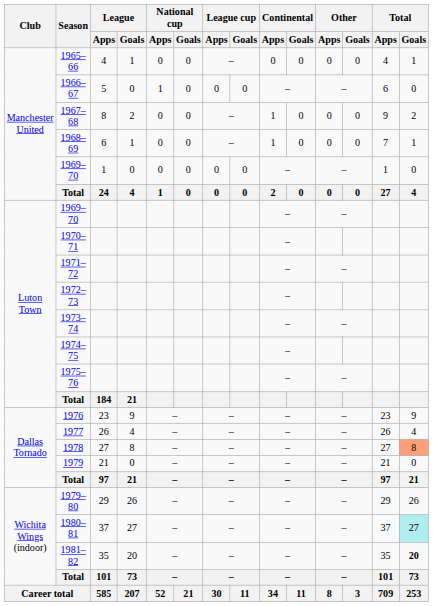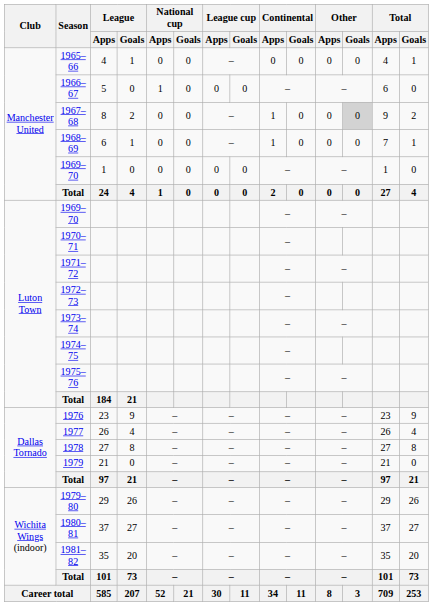 <table class="wikitable" style="text-align:center">
 <tr>
 <th rowspan="2">Club</th>
 <th rowspan="2">Season</th>
 <th colspan="2">League</th>
 <th colspan="2">National cup</th>
 <th colspan="2">League cup</th>
 <th colspan="2">Continental</th>
 <th colspan="2">Other</th>
 <th colspan="2">Total</th>
 </tr>
 <tr>
 <th>Apps</th>
 <th>Goals</th>
 <th>Apps</th>
 <th>Goals</th>
 <th>Apps</th>
 <th>Goals</th>
 <th>Apps</th>
 <th>Goals</th>
 <th>Apps</th>
 <th>Goals</th>
 <th>Apps</th>
 <th>Goals</th>
 </tr>
 <tr>
 <td rowspan="6"><a href='#'>Manchester United</a></td>
 <td><a href='#'>1965–66</a></td>
 <td>4</td>
 <td>1</td>
 <td>0</td>
 <td>0</td>
 <td colspan="2">–</td>
 <td>0</td>
 <td>0</td>
 <td>0</td>
 <td>0</td>
 <td>4</td>
 <td>1</td>
 </tr>
 <tr>
 <td><a href='#'>1966–67</a></td>
 <td>5</td>
 <td>0</td>
 <td>1</td>
 <td>0</td>
 <td>0</td>
 <td>0</td>
 <td colspan="2">–</td>
 <td colspan="2">–</td>
 <td>6</td>
 <td>0</td>
 </tr>
 <tr>
 <td><a href='#'>1967–68</a></td>
 <td>8</td>
 <td>2</td>
 <td>0</td>
 <td>0</td>
 <td colspan="2">–</td>
 <td>1</td>
 <td>0</td>
 <td>0</td>
-<td>0</td>
+<td style="background: lightgrey;">0</td>
 <td>9</td>
 <td>2</td>
 </tr>
 <tr>
 <td><a href='#'>1968–69</a></td>
 <td>6</td>
 <td>1</td>
 <td>0</td>
 <td>0</td>
 <td colspan="2">–</td>
 <td>1</td>
 <td>0</td>
 <td>0</td>
 <td>0</td>
 <td>7</td>
 <td>1</td>
 </tr>
 <tr>
 <td><a href='#'>1969–70</a></td>
 <td>1</td>
 <td>0</td>
 <td>0</td>
 <td>0</td>
 <td>0</td>
 <td>0</td>
 <td colspan="2">–</td>
 <td colspan="2">–</td>
 <td>1</td>
 <td>0</td>
 </tr>
 <tr>
 <th>Total</th>
 <th>24</th>
 <th>4</th>
 <th>1</th>
 <th>0</th>
 <th>0</th>
 <th>0</th>
 <th>2</th>
 <th>0</th>
 <th>0</th>
 <th>0</th>
 <th>27</th>
 <th>4</th>
 </tr>
 <tr>
 <td rowspan="8"><a href='#'>Luton Town</a></td>
 <td><a href='#'>1969–70</a></td>
 <td></td>
 <td></td>
 <td></td>
 <td></td>
 <td></td>
 <td></td>
 <td colspan="2">–</td>
 <td colspan="2">–</td>
 <td></td>
 <td></td>
 </tr>
 <tr>
 <td><a href='#'>1970–71</a></td>
 <td></td>
 <td></td>
 <td></td>
 <td></td>
 <td></td>
 <td></td>
 <td colspan="2">–</td>
 <td></td>
 <td></td>
 <td></td>
 <td></td>
 </tr>
 <tr>
 <td><a href='#'>1971–72</a></td>
 <td></td>
 <td></td>
 <td></td>
 <td></td>
 <td></td>
 <td></td>
 <td colspan="2">–</td>
 <td colspan="2">–</td>
 <td></td>
 <td></td>
 </tr>
 <tr>
 <td><a href='#'>1972–73</a></td>
 <td></td>
 <td></td>
 <td></td>
 <td></td>
 <td></td>
 <td></td>
 <td colspan="2">–</td>
 <td></td>
 <td></td>
 <td></td>
 <td></td>
 </tr>
 <tr>
 <td><a href='#'>1973–74</a></td>
 <td></td>
 <td></td>
 <td></td>
 <td></td>
 <td></td>
 <td></td>
 <td colspan="2">–</td>
 <td colspan="2">–</td>
 <td></td>
 <td></td>
 </tr>
 <tr>
 <td><a href='#'>1974–75</a></td>
 <td></td>
 <td></td>
 <td></td>
 <td></td>
 <td></td>
 <td></td>
 <td colspan="2">–</td>
 <td></td>
 <td></td>
 <td></td>
 <td></td>
 </tr>
 <tr>
 <td><a href='#'>1975–76</a></td>
 <td></td>
 <td></td>
 <td></td>
 <td></td>
 <td></td>
 <td></td>
 <td colspan="2">–</td>
 <td colspan="2">–</td>
 <td></td>
 <td></td>
 </tr>
 <tr>
 <th>Total</th>
 <th>184</th>
 <th>21</th>
 <th></th>
 <th></th>
 <th></th>
 <th></th>
 <th></th>
 <th></th>
 <th></th>
 <th></th>
 <th></th>
 <th></th>
 </tr>
 <tr>
 <td rowspan="5"><a href='#'>Dallas Tornado</a></td>
 <td><a href='#'>1976</a></td>
 <td>23</td>
 <td>9</td>
 <td colspan="2">–</td>
 <td colspan="2">–</td>
 <td colspan="2">–</td>
 <td colspan="2">–</td>
 <td>23</td>
 <td>9</td>
 </tr>
 <tr>
 <td><a href='#'>1977</a></td>
 <td>26</td>
 <td>4</td>
 <td colspan="2">–</td>
 <td colspan="2">–</td>
 <td colspan="2">–</td>
 <td colspan="2">–</td>
 <td>26</td>
 <td>4</td>
 </tr>
 <tr>
 <td><a href='#'>1978</a></td>
 <td>27</td>
 <td>8</td>
 <td colspan="2">–</td>
 <td colspan="2">–</td>
 <td colspan="2">–</td>
 <td colspan="2">–</td>
 <td>27</td>
-<td style="background: lightsalmon;">8</td>
+<td>8</td>
 </tr>
 <tr>
 <td><a href='#'>1979</a></td>
 <td>21</td>
 <td>0</td>
 <td colspan="2">–</td>
 <td colspan="2">–</td>
 <td colspan="2">–</td>
 <td colspan="2">–</td>
 <td>21</td>
 <td>0</td>
 </tr>
 <tr>
 <th>Total</th>
 <th>97</th>
 <th>21</th>
 <th colspan="2">–</th>
 <th colspan="2">–</th>
 <th colspan="2">–</th>
 <th colspan="2">–</th>
 <th>97</th>
 <th>21</th>
 </tr>
 <tr>
 <td rowspan="4"><a href='#'>Wichita Wings</a> (indoor)</td>
 <td><a href='#'>1979–80</a></td>
 <td>29</td>
 <td>26</td>
 <td colspan="2">–</td>
 <td colspan="2">–</td>
 <td colspan="2">–</td>
 <td colspan="2">–</td>
 <td>29</td>
 <td>26</td>
 </tr>
 <tr>
 <td><a href='#'>1980–81</a></td>
 <td>37</td>
 <td>27</td>
 <td colspan="2">–</td>
 <td colspan="2">–</td>
 <td colspan="2">–</td>
 <td colspan="2">–</td>
 <td>37</td>
-<td style="background: paleturquoise;">27</td>
+<td>27</td>
 </tr>
 <tr>
 <td><a href='#'>1981–82</a></td>
 <td>35</td>
 <td>20</td>
 <td colspan="2">–</td>
 <td colspan="2">–</td>
 <td colspan="2">–</td>
 <td colspan="2">–</td>
 <td>35</td>
-<td><strong>20</strong></td>
+<td>20</td>
 </tr>
 <tr>
 <th>Total</th>
 <th>101</th>
 <th>73</th>
 <th colspan="2">–</th>
 <th colspan="2">–</th>
 <th colspan="2">–</th>
 <th colspan="2">–</th>
 <th>101</th>
 <th>73</th>
 </tr>
 <tr>
 <th colspan="2">Career total</th>
 <th>585</th>
 <th>207</th>
 <th>52</th>
 <th>21</th>
 <th>30</th>
 <th>11</th>
 <th>34</th>
 <th>11</th>
 <th>8</th>
 <th>3</th>
 <th>709</th>
 <th>253</th>
 </tr>
 </table>
